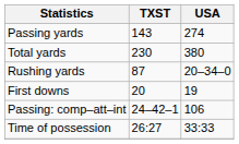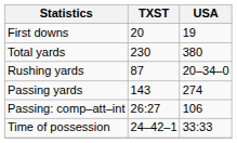 <table class="wikitable" style="float: left;">
 <tr>
 <th>Statistics</th>
 <th>TXST</th>
 <th>USA</th>
 </tr>
 <tr>
-<td>Passing yards</td>
-<td>143</td>
-<td>274</td>
+<td>First downs</td>
+<td>20</td>
+<td>19</td>
 </tr>
 <tr>
 <td>Total yards</td>
 <td>230</td>
 <td>380</td>
 </tr>
 <tr>
 <td>Rushing yards</td>
 <td>87</td>
 <td>20–34–0</td>
 </tr>
 <tr>
-<td>First downs</td>
-<td>20</td>
-<td>19</td>
+<td>Passing yards</td>
+<td>143</td>
+<td>274</td>
 </tr>
 <tr>
 <td>Passing: comp–att–int</td>
-<td>24–42–1</td>
+<td>26:27</td>
 <td>106</td>
 </tr>
 <tr>
 <td>Time of possession</td>
-<td>26:27</td>
+<td>24–42–1</td>
 <td>33:33</td>
 </tr>
 <tr>
 </tr>
 </table>
